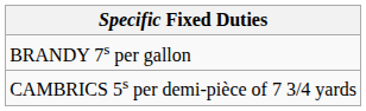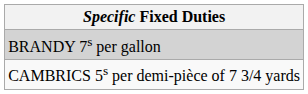 <table class="wikitable">
 <tr>
 <th><strong><em>Specific</em></strong> <strong>Fixed Duties</strong></th>
 </tr>
 <tr>
-<td>BRANDY 7<sup>s</sup> per gallon</td>
+<td style="background: lightgrey;">BRANDY 7<sup>s</sup> per gallon</td>
 </tr>
 <tr>
 <td>CAMBRICS 5<sup>s</sup> per demi-pièce of 7 3/4 yards</td>
 </tr>
 </table>
